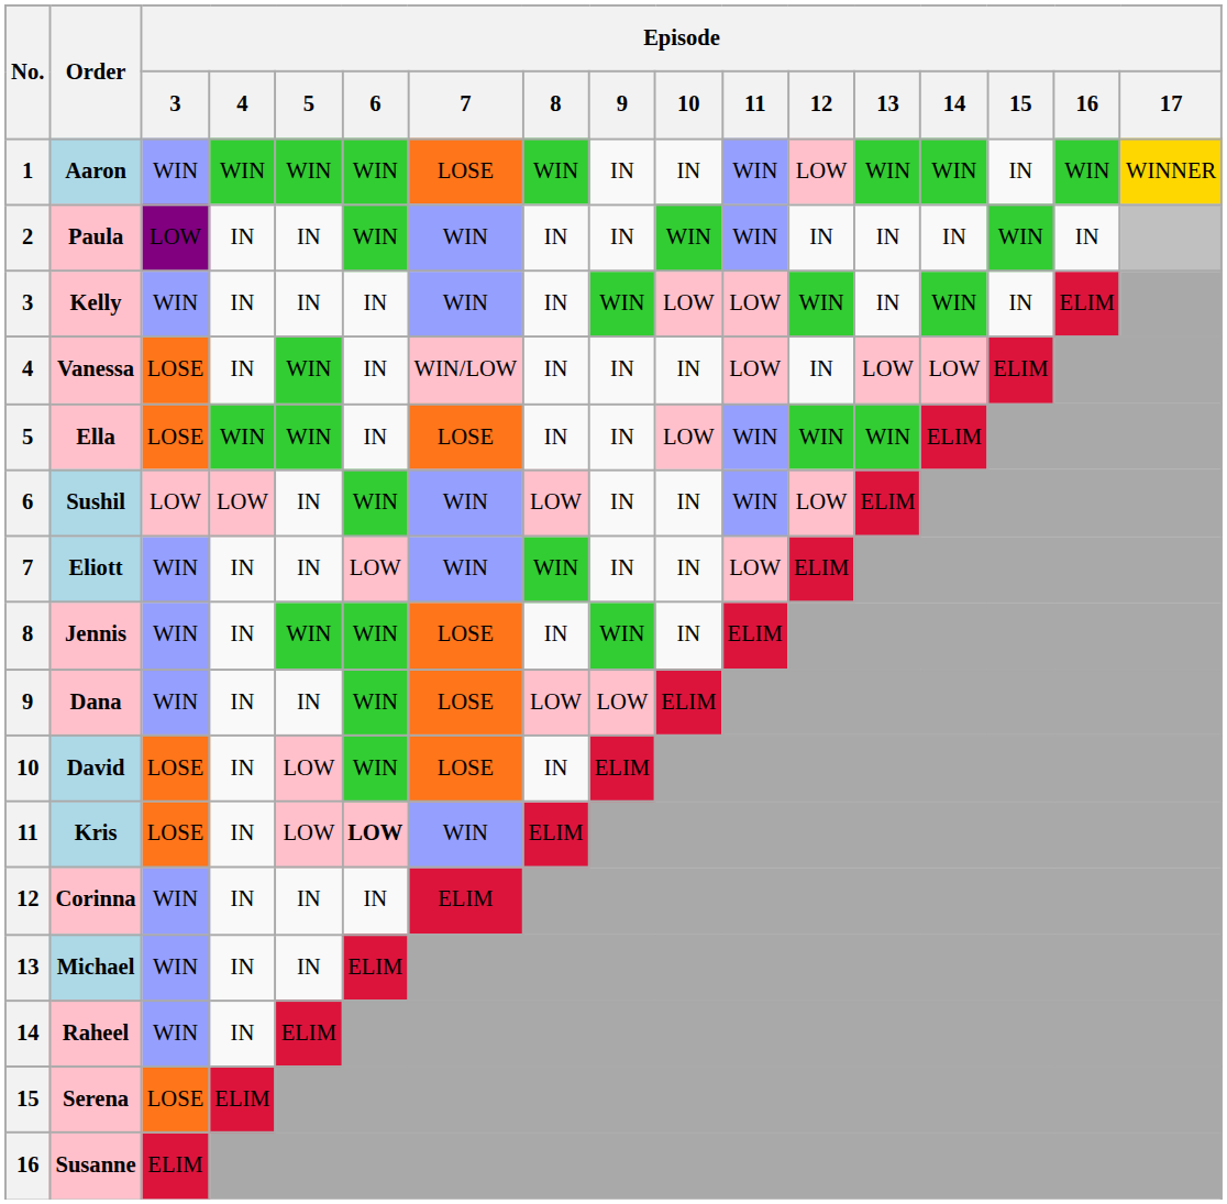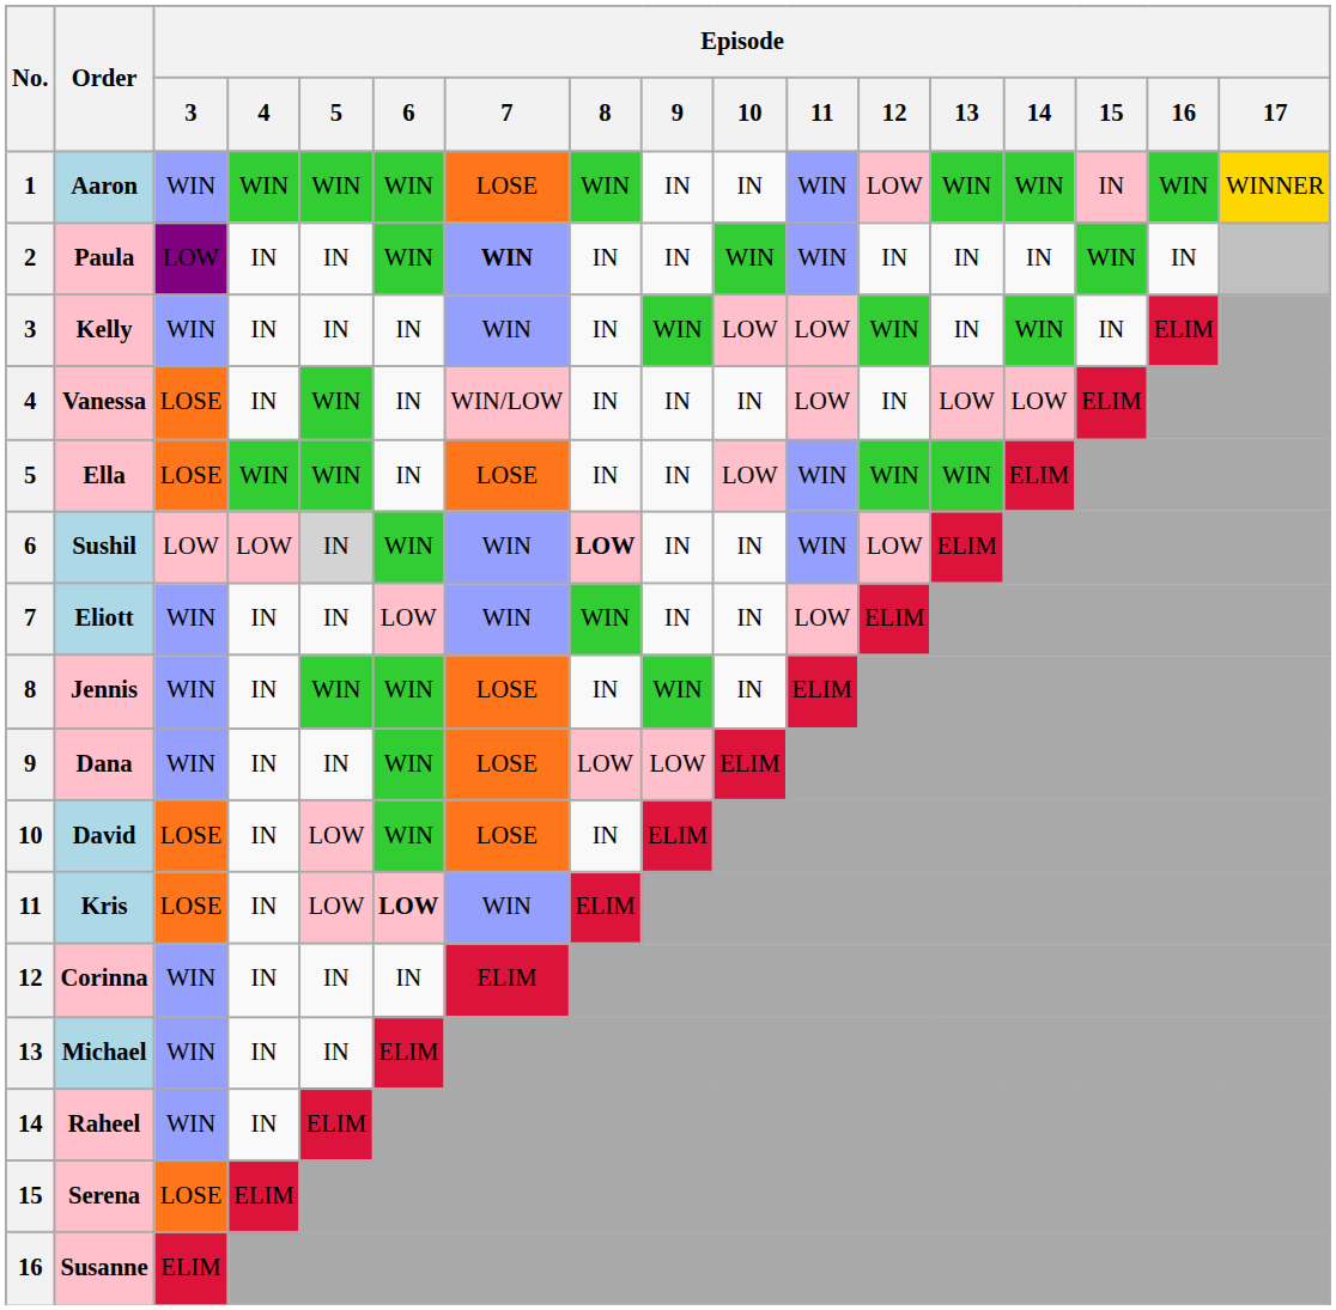 <table class="wikitable" style="text-align: center; font-size: 8pt; line-height:26px;">
 <tr>
 <th rowspan=2>No.</th>
 <th rowspan=2>Order</th>
 <th colspan=15>Episode</th>
 </tr>
 <tr>
 <th>3</th>
 <th>4</th>
 <th>5</th>
 <th>6</th>
 <th>7</th>
 <th>8</th>
 <th>9</th>
 <th>10</th>
 <th>11</th>
 <th>12</th>
 <th>13</th>
 <th>14</th>
 <th>15</th>
 <th>16</th>
 <th>17</th>
 </tr>
 <tr>
 <th>1</th>
 <td style="background:lightblue;"><strong>Aaron</strong></td>
 <td style="background:#959FFD;">WIN</td>
 <td style="background:limegreen;">WIN</td>
 <td style="background:limegreen;">WIN</td>
 <td style="background:limegreen;">WIN</td>
 <td style="background:#FF751A;">LOSE</td>
 <td style="background:limegreen;">WIN</td>
 <td>IN</td>
 <td>IN</td>
 <td style="background:#959FFD;">WIN</td>
 <td style="background:pink;">LOW</td>
 <td style="background:limegreen;">WIN</td>
 <td style="background:limegreen;">WIN</td>
-<td>IN</td>
+<td style="background: pink;">IN</td>
 <td style="background:limegreen;">WIN</td>
 <td style="background:gold;">WINNER</td>
 </tr>
 <tr>
 <th>2</th>
 <td style="background:pink;"><strong>Paula</strong></td>
 <td style="background:purple;">LOW</td>
 <td>IN</td>
 <td>IN</td>
 <td style="background:limegreen;">WIN</td>
-<td style="background:#959FFD;">WIN</td>
+<td style="background:#959FFD;"><strong>WIN</strong></td>
 <td>IN</td>
 <td>IN</td>
 <td style="background:limegreen;">WIN</td>
 <td style="background:#959FFD;">WIN</td>
 <td>IN</td>
 <td>IN</td>
 <td>IN</td>
 <td style="background:limegreen;">WIN</td>
 <td>IN</td>
 <td style="background:silver;"></td>
 </tr>
 <tr>
 <th>3</th>
 <td style="background:pink;"><strong>Kelly</strong></td>
 <td style="background:#959FFD;">WIN</td>
 <td>IN</td>
 <td>IN</td>
 <td>IN</td>
 <td style="background:#959FFD;">WIN</td>
 <td>IN</td>
 <td style="background:limegreen;">WIN</td>
 <td style="background:pink;">LOW</td>
 <td style="background:pink;">LOW</td>
 <td style="background:limegreen;">WIN</td>
 <td>IN</td>
 <td style="background:limegreen;">WIN</td>
 <td>IN</td>
 <td style="background:crimson;">ELIM</td>
 <td colspan="12" style="background:darkgrey"></td>
 </tr>
 <tr>
 <th>4</th>
 <td style="background:pink;"><strong>Vanessa</strong></td>
 <td style="background:#FF751A;">LOSE</td>
 <td>IN</td>
 <td style="background:limegreen;">WIN</td>
 <td>IN</td>
 <td style="background:pink;">WIN/LOW</td>
 <td>IN</td>
 <td>IN</td>
 <td>IN</td>
 <td style="background:pink;">LOW</td>
 <td>IN</td>
 <td style="background:pink;">LOW</td>
 <td style="background:pink;">LOW</td>
 <td style="background:crimson;">ELIM</td>
 <td colspan="12" style="background:darkgrey"></td>
 </tr>
 <tr>
 <th>5</th>
 <td style="background:pink;"><strong>Ella</strong></td>
 <td style="background:#FF751A;">LOSE</td>
 <td style="background:limegreen;">WIN</td>
 <td style="background:limegreen;">WIN</td>
 <td>IN</td>
 <td style="background:#FF751A;">LOSE</td>
 <td>IN</td>
 <td>IN</td>
 <td style="background:pink;">LOW</td>
 <td style="background:#959FFD;">WIN</td>
 <td style="background:limegreen;">WIN</td>
 <td style="background:limegreen;">WIN</td>
 <td style="background:crimson;">ELIM</td>
 <td colspan="12" style="background:darkgrey"></td>
 </tr>
 <tr>
 <th>6</th>
 <td style="background:lightblue;"><strong>Sushil</strong></td>
 <td style="background:pink;">LOW</td>
 <td style="background:pink;">LOW</td>
-<td>IN</td>
+<td style="background: lightgrey;">IN</td>
 <td style="background:limegreen;">WIN</td>
 <td style="background:#959FFD;">WIN</td>
-<td style="background:pink;">LOW</td>
+<td style="background:pink;"><strong>LOW</strong></td>
 <td>IN</td>
 <td>IN</td>
 <td style="background:#959FFD;">WIN</td>
 <td style="background:pink;">LOW</td>
 <td style="background:crimson;">ELIM</td>
 <td colspan="12" style="background:darkgrey"></td>
 </tr>
 <tr>
 <th>7</th>
 <td style="background:lightblue;"><strong>Eliott</strong></td>
 <td style="background:#959FFD;">WIN</td>
 <td>IN</td>
 <td>IN</td>
 <td style="background:pink;">LOW</td>
 <td style="background:#959FFD;">WIN</td>
 <td style="background:limegreen;">WIN</td>
 <td>IN</td>
 <td>IN</td>
 <td style="background:pink;">LOW</td>
 <td style="background:crimson;">ELIM</td>
 <td colspan="12" style="background:darkgrey"></td>
 </tr>
 <tr>
 <th>8</th>
 <td style="background:pink;"><strong>Jennis</strong></td>
 <td style="background:#959FFD;">WIN</td>
 <td>IN</td>
 <td style="background:limegreen;">WIN</td>
 <td style="background:limegreen;">WIN</td>
 <td style="background:#FF751A;">LOSE</td>
 <td>IN</td>
 <td style="background:limegreen;">WIN</td>
 <td>IN</td>
 <td style="background:crimson;">ELIM</td>
 <td colspan="12" style="background:darkgrey"></td>
 </tr>
 <tr>
 <th>9</th>
 <td style="background:pink;"><strong>Dana</strong></td>
 <td style="background:#959FFD;">WIN</td>
 <td>IN</td>
 <td>IN</td>
 <td style="background:limegreen;">WIN</td>
 <td style="background:#FF751A;">LOSE</td>
 <td style="background:pink;">LOW</td>
 <td style="background:pink;">LOW</td>
 <td style="background:crimson;">ELIM</td>
 <td colspan="12" style="background:darkgrey"></td>
 </tr>
 <tr>
 <th>10</th>
 <td style="background:lightblue;"><strong>David</strong></td>
 <td style="background:#FF751A;">LOSE</td>
 <td>IN</td>
 <td style="background:pink;">LOW</td>
 <td style="background:limegreen;">WIN</td>
 <td style="background:#FF751A;">LOSE</td>
 <td>IN</td>
 <td style="background:crimson;">ELIM</td>
 <td colspan="12" style="background:darkgrey"></td>
 </tr>
 <tr>
 <th>11</th>
 <td style="background:lightblue;"><strong>Kris</strong></td>
 <td style="background:#FF751A;">LOSE</td>
 <td>IN</td>
 <td style="background:pink;">LOW</td>
 <td style="background:pink;"><strong>LOW</strong></td>
 <td style="background:#959FFD;">WIN</td>
 <td style="background:crimson;">ELIM</td>
 <td colspan="12" style="background:darkgrey"></td>
 </tr>
 <tr>
 <th>12</th>
 <td style="background:pink;"><strong>Corinna</strong></td>
 <td style="background:#959FFD;">WIN</td>
 <td>IN</td>
 <td>IN</td>
 <td>IN</td>
 <td style="background:crimson;">ELIM</td>
 <td colspan="12" style="background:darkgrey"></td>
 </tr>
 <tr>
 <th>13</th>
 <td style="background:lightblue;"><strong>Michael</strong></td>
 <td style="background:#959FFD;">WIN</td>
 <td>IN</td>
 <td>IN</td>
 <td style="background:crimson;">ELIM</td>
 <td colspan="12" style="background:darkgrey"></td>
 </tr>
 <tr>
 <th>14</th>
 <td style="background:pink;"><strong>Raheel</strong></td>
 <td style="background:#959FFD;">WIN</td>
 <td>IN</td>
 <td style="background:crimson;">ELIM</td>
 <td colspan="12" style="background:darkgrey"></td>
 </tr>
 <tr>
 <th>15</th>
 <td style="background:pink;"><strong>Serena</strong></td>
 <td style="background:#FF751A;">LOSE</td>
 <td style="background:crimson;">ELIM</td>
 <td colspan="13" style="background:darkgrey"></td>
 </tr>
 <tr>
 <th>16</th>
 <td style="background:pink;"><strong>Susanne</strong></td>
 <td style="background:crimson;">ELIM</td>
 <td colspan="16" style="background:darkgrey"></td>
 </tr>
 </table>
